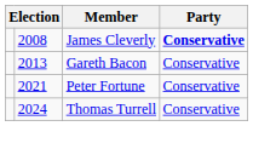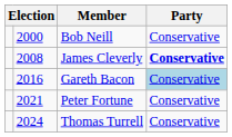 <table class="wikitable">
 <tr>
 <th colspan="2">Election</th>
 <th>Member</th>
 <th>Party</th>
+</tr>
+<tr>
+<td style="background-color: "></td>
+<td><a href='#'>2000</a></td>
+<td><a href='#'>Bob Neill</a></td>
+<td><a href='#'>Conservative</a></td>
 </tr>
 <tr>
 <td style="background-color: "></td>
 <td><a href='#'>2008</a></td>
 <td><a href='#'>James Cleverly</a></td>
 <td><strong><a href='#'>Conservative</a></strong></td>
 </tr>
 <tr>
 <td style="background-color: "></td>
-<td><a href='#'>2013</a></td>
+<td><a href='#'>2016</a></td>
 <td><a href='#'>Gareth Bacon</a></td>
-<td><a href='#'>Conservative</a></td>
+<td style="background: lightblue;"><a href='#'>Conservative</a></td>
 </tr>
 <tr>
 <td style="background-color: "></td>
 <td><a href='#'>2021</a></td>
 <td><a href='#'>Peter Fortune</a></td>
 <td><a href='#'>Conservative</a></td>
 </tr>
 <tr>
 <td style="background-color: "></td>
 <td><a href='#'>2024</a></td>
 <td><a href='#'>Thomas Turrell</a></td>
 <td><a href='#'>Conservative</a></td>
 </tr>
 </table>
